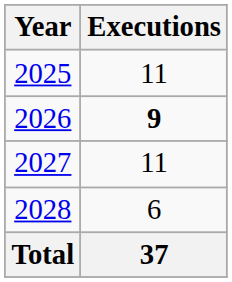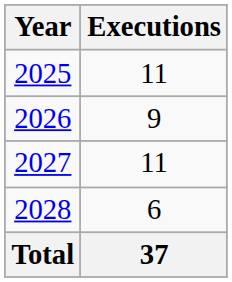 <table class="wikitable sortable" style="text-align:center;">
 <tr>
 <th scope="col">Year</th>
 <th scope="col">Executions</th>
 </tr>
 <tr>
 <td><a href='#'>2025</a></td>
 <td>11</td>
 </tr>
 <tr>
 <td><a href='#'>2026</a></td>
-<td><strong>9</strong></td>
+<td>9</td>
 </tr>
 <tr>
 <td><a href='#'>2027</a></td>
 <td>11</td>
 </tr>
 <tr>
 <td><a href='#'>2028</a></td>
 <td>6</td>
 </tr>
 <tr>
 <th>Total</th>
 <th>37</th>
 </tr>
 </table>
